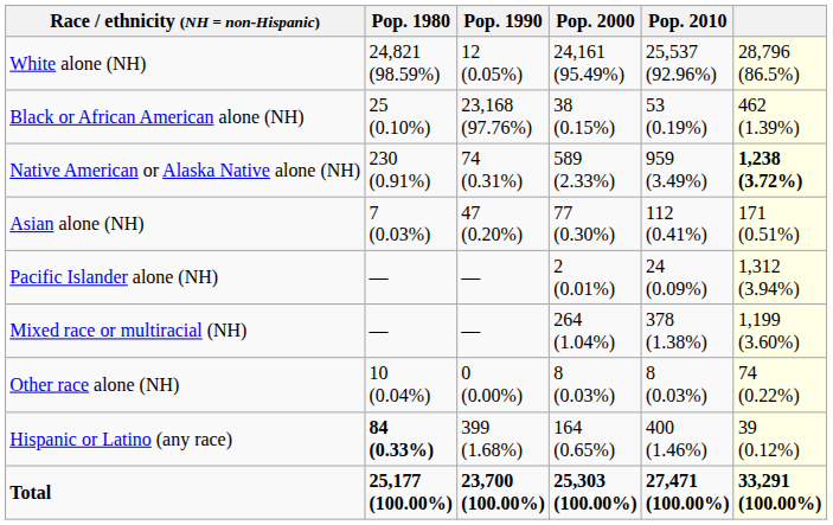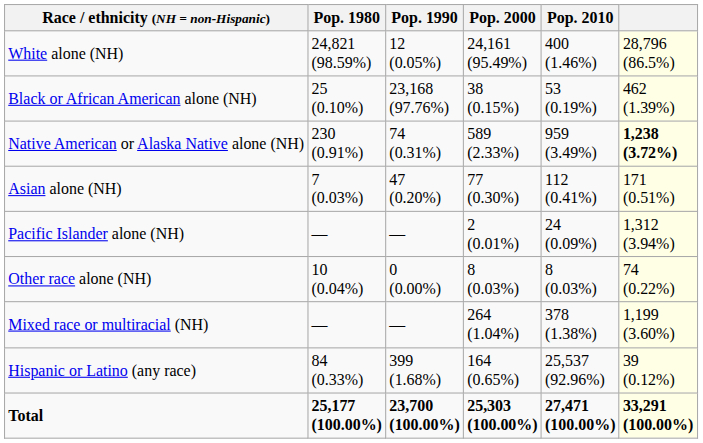 <table class="wikitable sortable collapsible" style="font-size: 95%;">
 <tr>
 <th>Race / ethnicity <small>(<em>NH = non-Hispanic</em>)</small></th>
 <th>Pop. 1980</th>
 <th>Pop. 1990</th>
 <th>Pop. 2000</th>
 <th>Pop. 2010</th>
 <th></th>
 </tr>
 <tr>
 <td><a href='#'>White</a> alone (NH)</td>
 <td>24,821<br>(98.59%)</td>
 <td>12<br>(0.05%)</td>
 <td>24,161<br>(95.49%)</td>
-<td>25,537<br>(92.96%)</td>
+<td>400<br>(1.46%)</td>
 <td style='background: #ffffe6;'>28,796<br>(86.5%)</td>
 </tr>
 <tr>
 <td><a href='#'>Black or African American</a> alone (NH)</td>
 <td>25<br>(0.10%)</td>
 <td>23,168<br>(97.76%)</td>
 <td>38<br>(0.15%)</td>
 <td>53<br>(0.19%)</td>
 <td style='background: #ffffe6;'>462<br>(1.39%)</td>
 </tr>
 <tr>
 <td><a href='#'>Native American</a> or <a href='#'>Alaska Native</a> alone (NH)</td>
 <td>230<br>(0.91%)</td>
 <td>74<br>(0.31%)</td>
 <td>589<br>(2.33%)</td>
 <td>959<br>(3.49%)</td>
 <td style='background: #ffffe6;'><strong>1,238<br>(3.72%)</strong></td>
 </tr>
 <tr>
 <td><a href='#'>Asian</a> alone (NH)</td>
 <td>7<br>(0.03%)</td>
 <td>47<br>(0.20%)</td>
 <td>77<br>(0.30%)</td>
 <td>112<br>(0.41%)</td>
 <td style='background: #ffffe6;'>171<br>(0.51%)</td>
 </tr>
 <tr>
 <td><a href='#'>Pacific Islander</a> alone (NH)</td>
 <td>—</td>
 <td>—</td>
 <td>2<br>(0.01%)</td>
 <td>24<br>(0.09%)</td>
 <td style='background: #ffffe6;'>1,312<br>(3.94%)</td>
 </tr>
 <tr>
+<td><a href='#'>Other race</a> alone (NH)</td>
+<td>10<br>(0.04%)</td>
+<td>0<br>(0.00%)</td>
+<td>8<br>(0.03%)</td>
+<td>8<br>(0.03%)</td>
+<td style='background: #ffffe6;'>74<br>(0.22%)</td>
+</tr>
+<tr>
 <td><a href='#'>Mixed race or multiracial</a> (NH)</td>
 <td>—</td>
 <td>—</td>
 <td>264<br>(1.04%)</td>
 <td>378<br>(1.38%)</td>
 <td style='background: #ffffe6;'>1,199<br>(3.60%)</td>
 </tr>
 <tr>
-<td><a href='#'>Other race</a> alone (NH)</td>
-<td>10<br>(0.04%)</td>
-<td>0<br>(0.00%)</td>
-<td>8<br>(0.03%)</td>
-<td>8<br>(0.03%)</td>
-<td style='background: #ffffe6;'>74<br>(0.22%)</td>
-</tr>
-<tr>
 <td><a href='#'>Hispanic or Latino</a> (any race)</td>
-<td><strong>84<br>(0.33%)</strong></td>
+<td>84<br>(0.33%)</td>
 <td>399<br>(1.68%)</td>
 <td>164<br>(0.65%)</td>
-<td>400<br>(1.46%)</td>
+<td>25,537<br>(92.96%)</td>
 <td style='background: #ffffe6;'>39<br>(0.12%)</td>
 </tr>
 <tr>
 <td><strong>Total</strong></td>
 <td><strong>25,177<br>(100.00%)</strong></td>
 <td><strong>23,700<br>(100.00%)</strong></td>
 <td><strong>25,303<br>(100.00%)</strong></td>
 <td><strong>27,471<br>(100.00%)</strong></td>
 <td style='background: #ffffe6;'><strong>33,291<br>(100.00%)</strong></td>
 </tr>
 </table>
